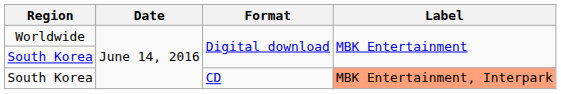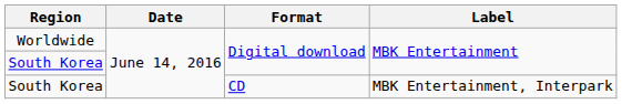 <table class="wikitable">
 <tr>
 <th style="text-align:center;">Region</th>
 <th style="text-align:center;">Date</th>
 <th style="text-align:center;">Format</th>
 <th style="text-align:center;">Label</th>
 </tr>
 <tr>
 <td style="text-align:center;">Worldwide</td>
 <td style="text-align:center;" rowspan=3>June 14, 2016</td>
 <td rowspan=2><a href='#'>Digital download</a></td>
 <td rowspan=2><a href='#'>MBK Entertainment</a></td>
 </tr>
 <tr>
 <td style="text-align:center;"><a href='#'>South Korea</a></td>
 </tr>
 <tr>
 <td style="text-align:center;">South Korea</td>
 <td><a href='#'>CD</a></td>
-<td style="background: lightsalmon;">MBK Entertainment, Interpark</td>
+<td>MBK Entertainment, Interpark</td>
 </tr>
 </table>
